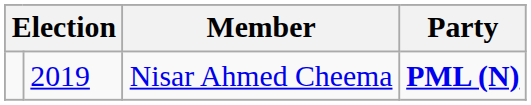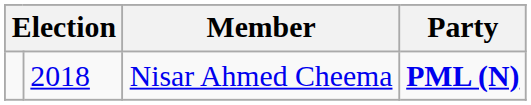 <table class="wikitable">
 <tr>
 <th colspan="2">Election</th>
 <th>Member</th>
 <th>Party</th>
 </tr>
 <tr>
 <td style="background-color: "></td>
-<td><a href='#'>2019</a></td>
+<td><a href='#'>2018</a></td>
 <td><a href='#'>Nisar Ahmed Cheema</a></td>
 <td><strong><a href='#'>PML (N)</a></strong></td>
 </tr>
 </table>
